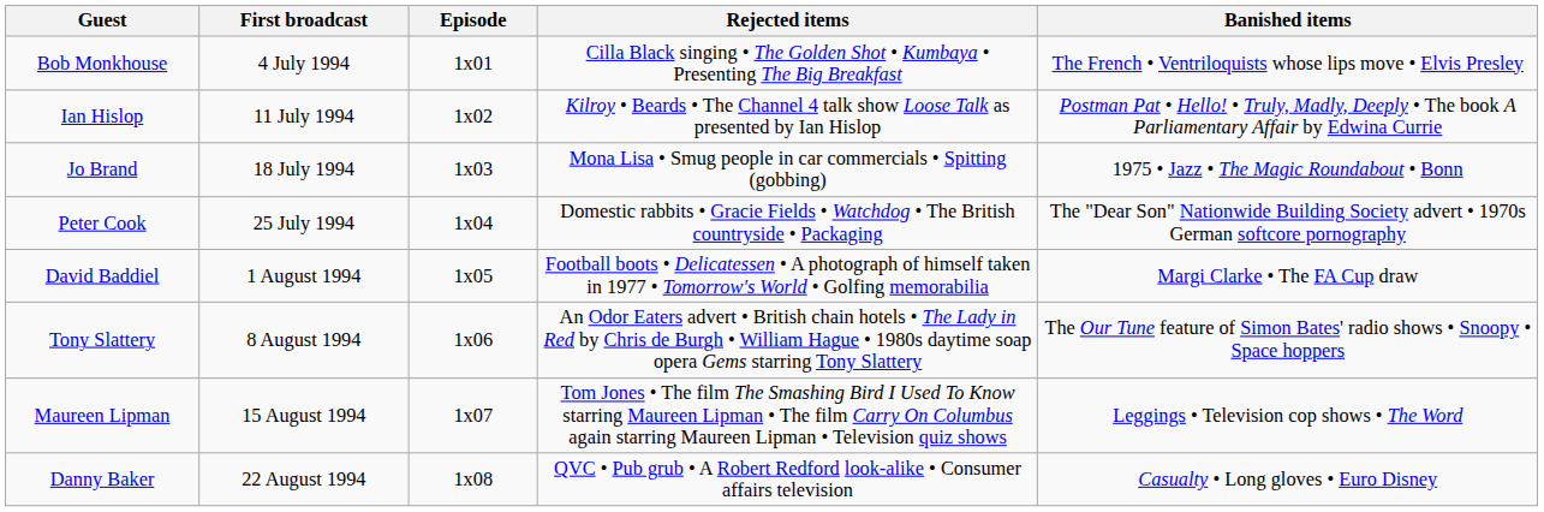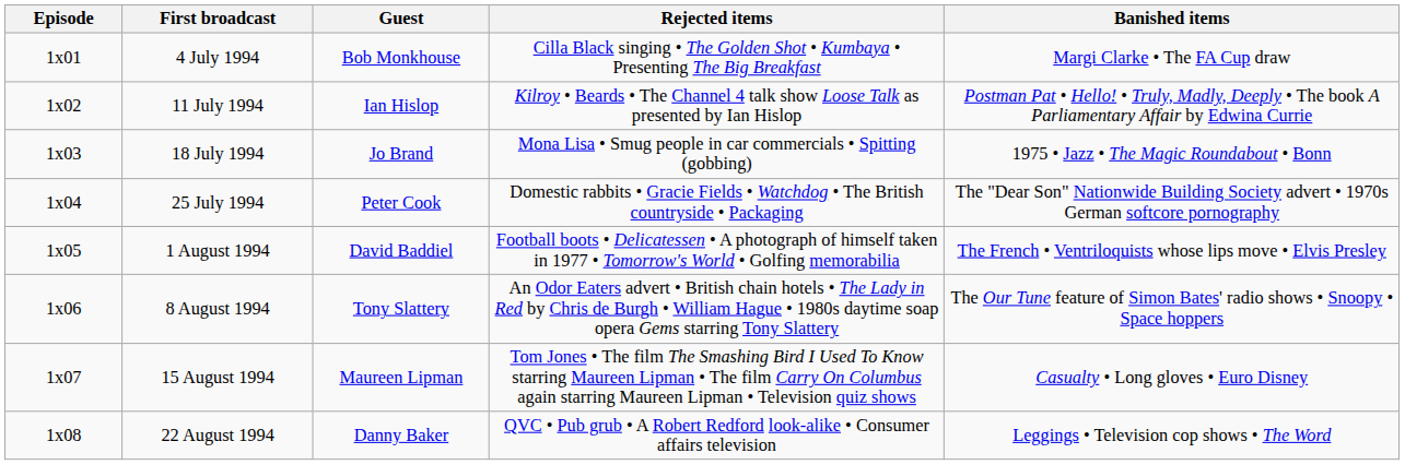 <table class="wikitable"  style="width:99%; left:0 auto; text-align:center;">
 <tr>
+<th style="width:8%;">Episode</th>
+<th style="width:13%;">First broadcast</th>
 <th style="width:12%;">Guest</th>
-<th style="width:13%;">First broadcast</th>
-<th style="width:8%;">Episode</th>
 <th style="width:31%;">Rejected items</th>
 <th style="width:31%;">Banished items</th>
 </tr>
 <tr>
+<td>1x01</td>
+<td>4 July 1994</td>
 <td><a href='#'>Bob Monkhouse</a></td>
-<td>4 July 1994</td>
-<td>1x01</td>
 <td><a href='#'>Cilla Black</a> singing • <em><a href='#'>The Golden Shot</a></em> • <em><a href='#'>Kumbaya</a></em> • Presenting <em><a href='#'>The Big Breakfast</a></em></td>
-<td><a href='#'>The French</a> • <a href='#'>Ventriloquists</a> whose lips move • <a href='#'>Elvis Presley</a></td>
+<td><a href='#'>Margi Clarke</a> • The <a href='#'>FA Cup</a> draw</td>
 </tr>
 <tr>
+<td>1x02</td>
+<td>11 July 1994</td>
 <td><a href='#'>Ian Hislop</a></td>
-<td>11 July 1994</td>
-<td>1x02</td>
 <td><a href='#'><em>Kilroy</em></a> • <a href='#'>Beards</a> • The <a href='#'>Channel 4</a> talk show <em><a href='#'>Loose Talk</a></em> as presented by Ian Hislop</td>
 <td><em><a href='#'>Postman Pat</a></em> • <em><a href='#'>Hello!</a></em> • <em><a href='#'>Truly, Madly, Deeply</a></em> • The book <em>A Parliamentary Affair</em> by <a href='#'>Edwina Currie</a></td>
 </tr>
 <tr>
+<td>1x03</td>
+<td>18 July 1994</td>
 <td><a href='#'>Jo Brand</a></td>
-<td>18 July 1994</td>
-<td>1x03</td>
 <td><a href='#'>Mona Lisa</a> • Smug people in car commercials • <a href='#'>Spitting</a> (gobbing)</td>
 <td>1975 • <a href='#'>Jazz</a> • <em><a href='#'>The Magic Roundabout</a></em> • <a href='#'>Bonn</a></td>
 </tr>
 <tr>
+<td>1x04</td>
+<td>25 July 1994</td>
 <td><a href='#'>Peter Cook</a></td>
-<td>25 July 1994</td>
-<td>1x04</td>
 <td>Domestic rabbits • <a href='#'>Gracie Fields</a> • <em><a href='#'>Watchdog</a></em> • The British <a href='#'>countryside</a> • <a href='#'>Packaging</a></td>
 <td>The "Dear Son" <a href='#'>Nationwide Building Society</a> advert • 1970s German <a href='#'>softcore pornography</a></td>
 </tr>
 <tr>
+<td>1x05</td>
+<td>1 August 1994</td>
 <td><a href='#'>David Baddiel</a></td>
-<td>1 August 1994</td>
-<td>1x05</td>
 <td><a href='#'>Football boots</a> • <em><a href='#'>Delicatessen</a></em> • A photograph of himself taken in 1977 • <em><a href='#'>Tomorrow's World</a></em> • Golfing <a href='#'>memorabilia</a></td>
-<td><a href='#'>Margi Clarke</a> • The <a href='#'>FA Cup</a> draw</td>
+<td><a href='#'>The French</a> • <a href='#'>Ventriloquists</a> whose lips move • <a href='#'>Elvis Presley</a></td>
 </tr>
 <tr>
+<td>1x06</td>
+<td>8 August 1994</td>
 <td><a href='#'>Tony Slattery</a></td>
-<td>8 August 1994</td>
-<td>1x06</td>
 <td>An <a href='#'>Odor Eaters</a> advert • British chain hotels • <em><a href='#'>The Lady in Red</a></em> by <a href='#'>Chris de Burgh</a> • <a href='#'>William Hague</a> • 1980s daytime soap opera <em>Gems</em> starring <a href='#'>Tony Slattery</a></td>
 <td>The <em><a href='#'>Our Tune</a></em> feature of <a href='#'>Simon Bates</a>' radio shows • <a href='#'>Snoopy</a> • <a href='#'>Space hoppers</a></td>
 </tr>
 <tr>
+<td>1x07</td>
+<td>15 August 1994</td>
 <td><a href='#'>Maureen Lipman</a></td>
-<td>15 August 1994</td>
-<td>1x07</td>
 <td><a href='#'>Tom Jones</a> • The film <em>The Smashing Bird I Used To Know</em> starring <a href='#'>Maureen Lipman</a> • The film <em><a href='#'>Carry On Columbus</a></em> again starring Maureen Lipman • Television <a href='#'>quiz shows</a></td>
+<td><em><a href='#'>Casualty</a></em> • Long gloves • <a href='#'>Euro Disney</a></td>
+</tr>
+<tr>
+<td>1x08</td>
+<td>22 August 1994</td>
+<td><a href='#'>Danny Baker</a></td>
+<td><a href='#'>QVC</a> • <a href='#'>Pub grub</a> • A <a href='#'>Robert Redford</a> <a href='#'>look-alike</a> • Consumer affairs television</td>
 <td><a href='#'>Leggings</a> • Television cop shows • <em><a href='#'>The Word</a></em></td>
 </tr>
-<tr>
-<td><a href='#'>Danny Baker</a></td>
-<td>22 August 1994</td>
-<td>1x08</td>
-<td><a href='#'>QVC</a> • <a href='#'>Pub grub</a> • A <a href='#'>Robert Redford</a> <a href='#'>look-alike</a> • Consumer affairs television</td>
-<td><em><a href='#'>Casualty</a></em> • Long gloves • <a href='#'>Euro Disney</a></td>
-</tr>
 </table>
